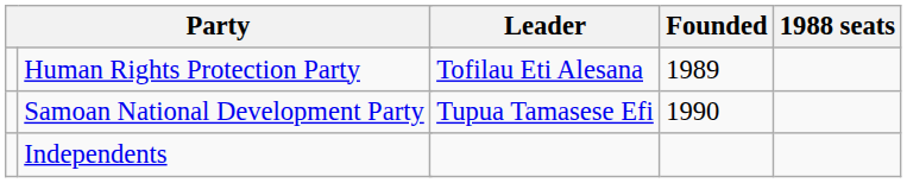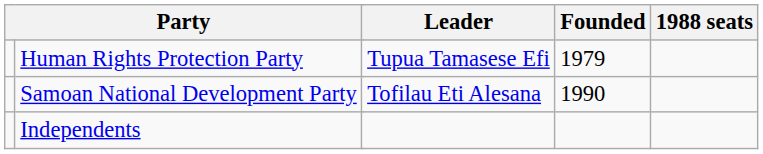 <table class=wikitable>
 <tr>
 <th colspan=3>Party</th>
 <th>Leader</th>
 <th>Founded</th>
 <th>1988 seats</th>
 </tr>
 <tr>
 <td style="background:"></td>
 <td colspan="2"><a href='#'>Human Rights Protection Party</a></td>
-<td><a href='#'>Tofilau Eti Alesana</a></td>
-<td>1989</td>
+<td><a href='#'>Tupua Tamasese Efi</a></td>
+<td>1979</td>
 <td></td>
 </tr>
 <tr>
 <td style="background:"></td>
 <td colspan="2"><a href='#'>Samoan National Development Party</a></td>
-<td><a href='#'>Tupua Tamasese Efi</a></td>
+<td><a href='#'>Tofilau Eti Alesana</a></td>
 <td>1990</td>
 <td></td>
 </tr>
 <tr>
 <td style="background:"></td>
 <td colspan="2"><a href='#'>Independents</a></td>
 <td></td>
 <td></td>
 <td></td>
 </tr>
 </table>
